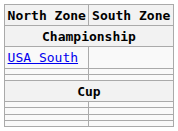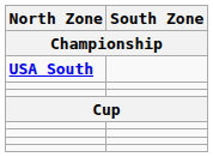 <table class="wikitable">
 <tr>
 <th>North Zone</th>
 <th>South Zone</th>
 </tr>
 <tr>
 <th colspan="2">Championship</th>
 </tr>
 <tr>
-<td><a href='#'>USA South</a></td>
+<td><strong><a href='#'>USA South</a></strong></td>
 <td></td>
 </tr>
 <tr>
 <td></td>
 <td></td>
 </tr>
 <tr>
 <td></td>
 <td></td>
 </tr>
 <tr>
 <th colspan="2">Cup</th>
 </tr>
 <tr>
 <td></td>
 <td></td>
 </tr>
 <tr>
 <td></td>
 <td></td>
 </tr>
 <tr>
 <td></td>
 <td></td>
 </tr>
 <tr>
 <td></td>
 <td></td>
 </tr>
 </table>
